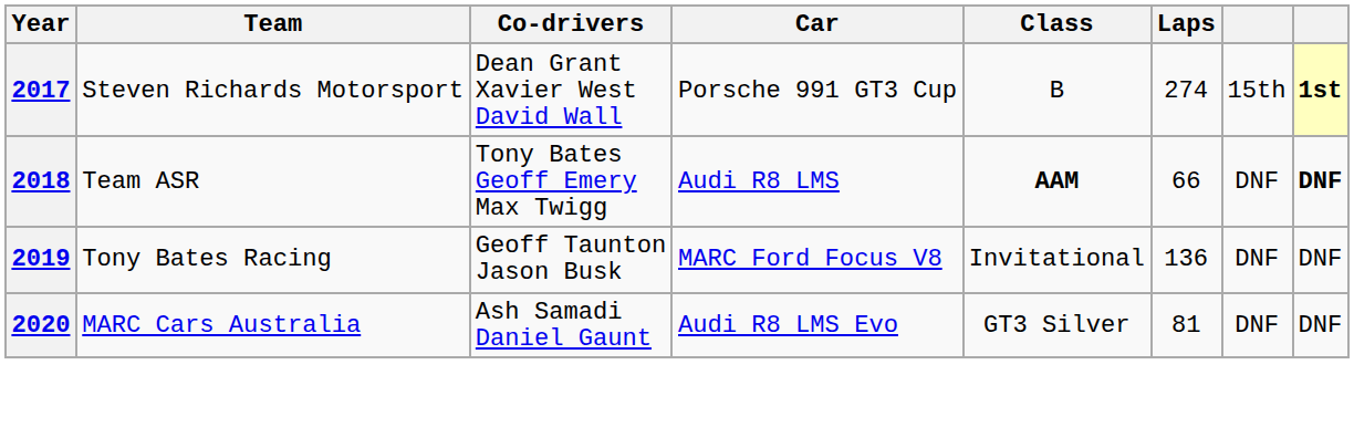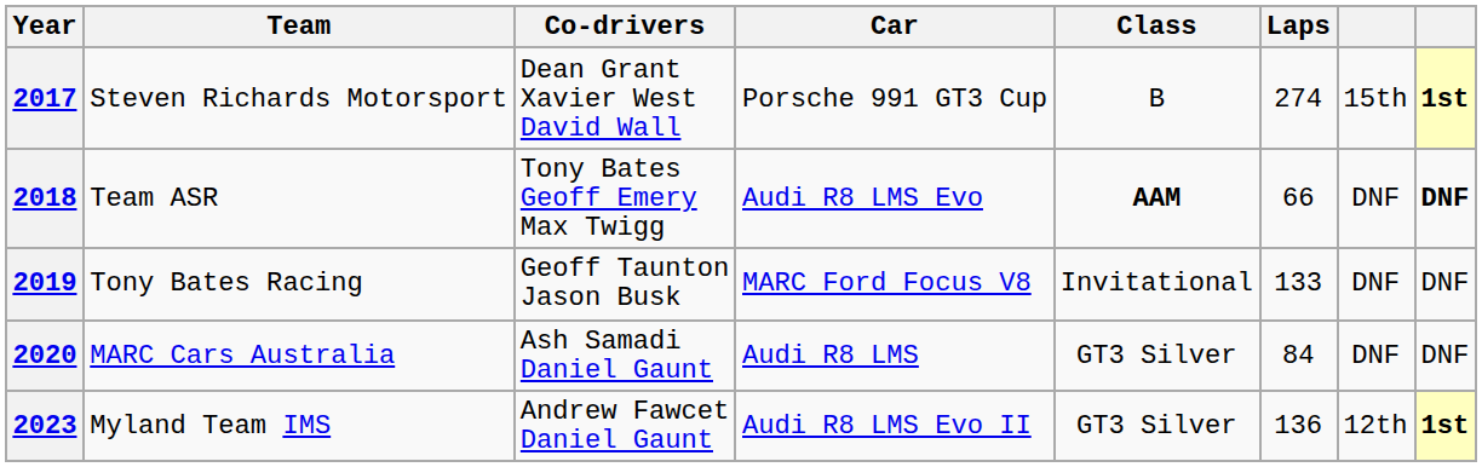 <table class="wikitable" style="font-size:85%; text-align:center">
 <tr>
 <th>Year</th>
 <th>Team</th>
 <th>Co-drivers</th>
 <th>Car</th>
 <th>Class</th>
 <th>Laps</th>
 <th></th>
 <th></th>
 </tr>
 <tr>
 <th><a href='#'>2017</a></th>
 <td align="left"> Steven Richards Motorsport</td>
 <td align="left"> Dean Grant<br> Xavier West<br> <a href='#'>David Wall</a></td>
 <td align="left">Porsche 991 GT3 Cup</td>
 <td>B</td>
 <td align=center>274</td>
 <td>15th</td>
 <td style="background:#ffffbf"><strong>1st</strong></td>
 </tr>
 <tr>
 <th><a href='#'>2018</a></th>
 <td align="left"> Team ASR</td>
 <td align="left"> Tony Bates<br> <a href='#'>Geoff Emery</a><br> Max Twigg</td>
-<td align="left"><a href='#'>Audi R8 LMS</a></td>
+<td align="left"><a href='#'>Audi R8 LMS Evo</a></td>
 <td><strong>AAM</strong></td>
 <td align=center>66</td>
 <td>DNF</td>
 <td><strong>DNF</strong></td>
 </tr>
 <tr>
 <th><a href='#'>2019</a></th>
 <td align="left"> Tony Bates Racing</td>
 <td align="left"> Geoff Taunton<br> Jason Busk</td>
 <td align="left"><a href='#'>MARC Ford Focus V8</a></td>
 <td>Invitational</td>
-<td align=center>136</td>
+<td align=center>133</td>
 <td>DNF</td>
 <td>DNF</td>
 </tr>
 <tr>
 <th><a href='#'>2020</a></th>
 <td align="left"> <a href='#'>MARC Cars Australia</a></td>
 <td align="left"> Ash Samadi<br> <a href='#'>Daniel Gaunt</a></td>
-<td align="left"><a href='#'>Audi R8 LMS Evo</a></td>
+<td align="left"><a href='#'>Audi R8 LMS</a></td>
 <td>GT3 Silver</td>
-<td align=center>81</td>
+<td align=center>84</td>
 <td>DNF</td>
 <td>DNF</td>
 </tr>
+<tr>
+<th><a href='#'>2023</a></th>
+<td align="left"> Myland Team <a href='#'>IMS</a></td>
+<td align="left"> Andrew Fawcet<br> <a href='#'>Daniel Gaunt</a></td>
+<td align="left"><a href='#'>Audi R8 LMS Evo II</a></td>
+<td>GT3 Silver</td>
+<td align=center>136</td>
+<td>12th</td>
+<td style="background:#ffffbf"><strong>1st</strong></td>
+</tr>
 </table>
